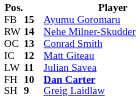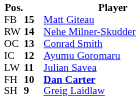 <table cellspacing="0" cellpadding="0">
 <tr>
 <th width="30">Pos.</th>
 <th width="30"></th>
 <th width="210">Player</th>
 </tr>
 <tr>
 <td>FB</td>
 <td><strong>15</strong></td>
-<td> <a href='#'>Ayumu Goromaru</a></td>
+<td> <a href='#'>Matt Giteau</a></td>
 </tr>
 <tr>
 <td>RW</td>
 <td><strong>14</strong></td>
 <td> <a href='#'>Nehe Milner-Skudder</a></td>
 </tr>
 <tr>
 <td>OC</td>
 <td><strong>13</strong></td>
 <td> <a href='#'>Conrad Smith</a></td>
 </tr>
 <tr>
 <td>IC</td>
 <td><strong>12</strong></td>
-<td> <a href='#'>Matt Giteau</a></td>
+<td> <a href='#'>Ayumu Goromaru</a></td>
 </tr>
 <tr>
 <td>LW</td>
 <td><strong>11</strong></td>
 <td> <a href='#'>Julian Savea</a></td>
 </tr>
 <tr>
 <td>FH</td>
 <td><strong>10</strong></td>
 <td><strong> <a href='#'>Dan Carter</a></strong></td>
 </tr>
 <tr>
 <td>SH</td>
 <td><strong>9</strong></td>
 <td> <a href='#'>Greig Laidlaw</a></td>
 </tr>
 <tr>
 </tr>
 </table>
